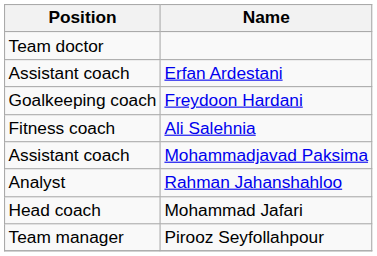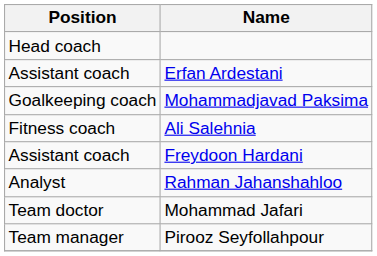 <table class="wikitable">
 <tr>
 <th>Position</th>
 <th>Name</th>
 </tr>
 <tr>
-<td>Team doctor</td>
+<td>Head coach</td>
 <td> <a href='#'></a></td>
 </tr>
 <tr>
 <td>Assistant coach</td>
 <td> <a href='#'>Erfan Ardestani</a></td>
 </tr>
 <tr>
 <td>Goalkeeping coach</td>
-<td> <a href='#'>Freydoon Hardani</a></td>
+<td> <a href='#'>Mohammadjavad Paksima </a></td>
 </tr>
 <tr>
 <td>Fitness coach</td>
 <td> <a href='#'>Ali Salehnia</a></td>
 </tr>
 <tr>
 <td>Assistant coach</td>
-<td> <a href='#'>Mohammadjavad Paksima </a></td>
+<td> <a href='#'>Freydoon Hardani</a></td>
 </tr>
 <tr>
 <td>Analyst</td>
 <td> <a href='#'>Rahman Jahanshahloo</a></td>
 </tr>
 <tr>
-<td>Head coach</td>
+<td>Team doctor</td>
 <td> Mohammad Jafari</td>
 </tr>
 <tr>
 <td>Team manager</td>
 <td> Pirooz Seyfollahpour</td>
 </tr>
 <tr>
 </tr>
 </table>
